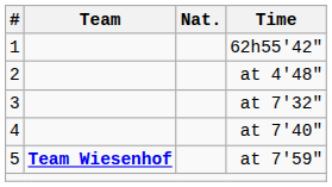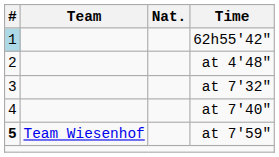 <table class=wikitable>
 <tr>
 <th align=right>#</th>
 <th>Team</th>
 <th>Nat.</th>
 <th align=right>Time</th>
 </tr>
 <tr>
-<td align=right>1</td>
+<td align=right style="background: lightblue;">1</td>
 <td></td>
 <td></td>
 <td align=right>62h55'42"</td>
 </tr>
 <tr>
 <td align=right>2</td>
 <td></td>
 <td></td>
 <td align=right>at 4'48"</td>
 </tr>
 <tr>
 <td align=right>3</td>
 <td></td>
 <td></td>
 <td align=right>at 7'32"</td>
 </tr>
 <tr>
 <td align=right>4</td>
 <td></td>
 <td></td>
 <td align=right>at 7'40"</td>
 </tr>
 <tr>
-<td align=right>5</td>
-<td><strong><a href='#'>Team Wiesenhof</a></strong></td>
+<td align=right><strong>5</strong></td>
+<td><a href='#'>Team Wiesenhof</a></td>
 <td></td>
 <td align=right>at 7'59"</td>
 </tr>
 <tr>
 <td align=right colspan=4></td>
 </tr>
 </table>
